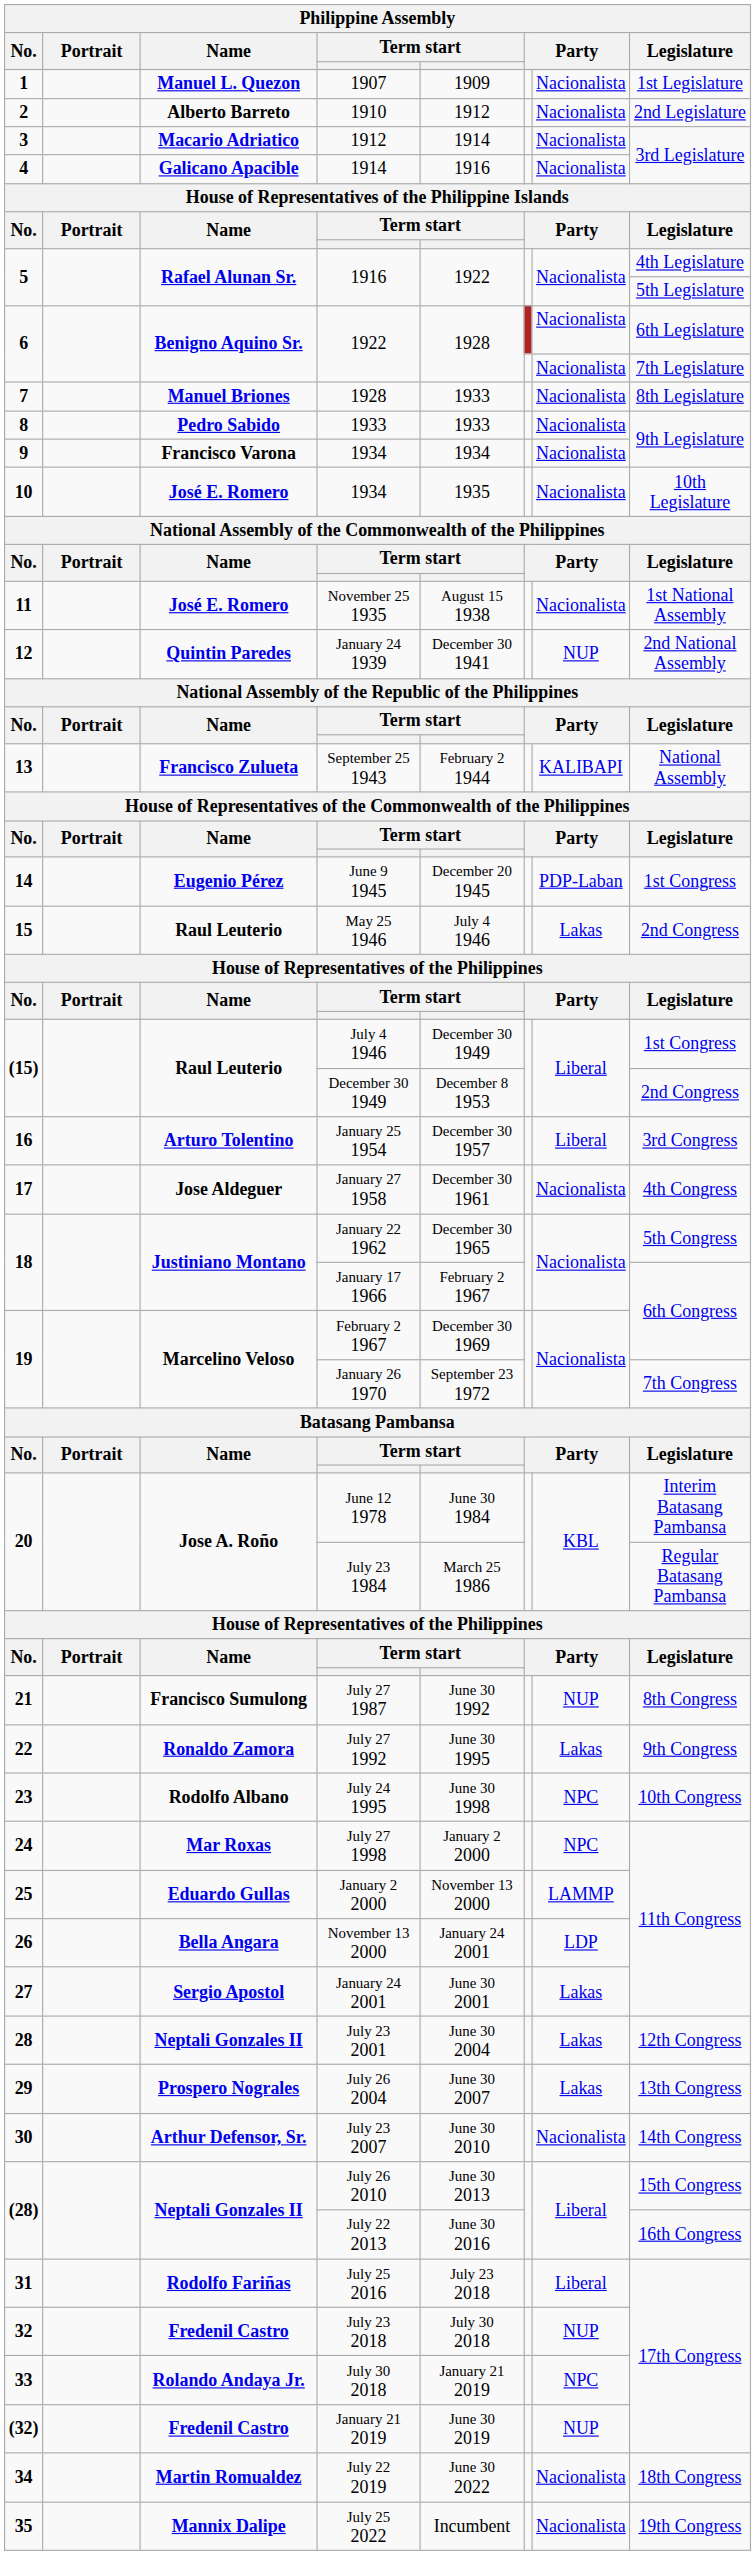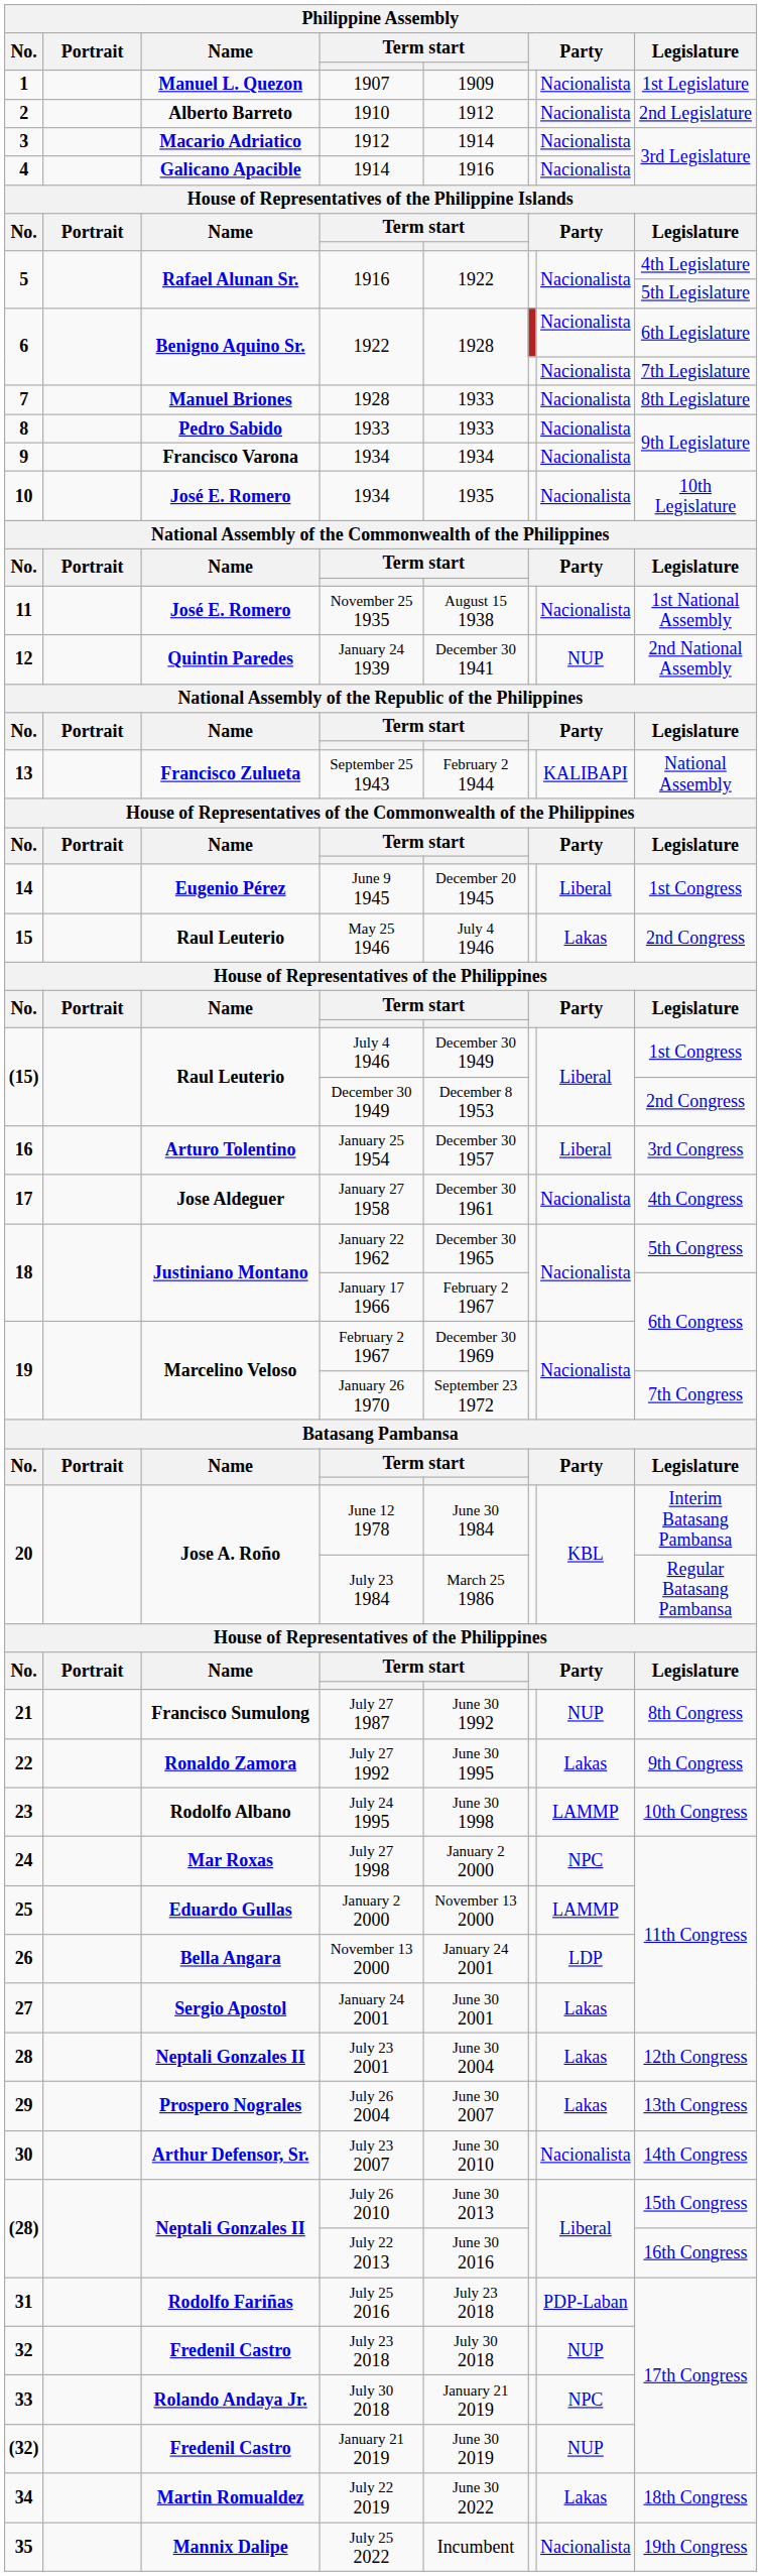 <table class="wikitable" style="text-align:center; border:1px #AAAAFF solid">
 <tr>
 <th colspan="8">Philippine Assembly<br></th>
 </tr>
 <tr>
 <th rowspan="2">No.</th>
 <th rowspan="2" align="center" width="80">Portrait</th>
 <th rowspan="2" align="center" width="150">Name<br></th>
 <th colspan="2" align="center" width="0">Term start</th>
 <th colspan="2" rowspan="2" align="center" width="0">Party</th>
 <th rowspan="2" width="100">Legislature</th>
 </tr>
 <tr>
 <th width="85"></th>
 <th width="85"></th>
 </tr>
 <tr>
 <td><strong>1</strong></td>
 <td></td>
 <td><strong><a href='#'>Manuel L. Quezon</a></strong><br></td>
 <td>1907</td>
 <td>1909</td>
 <td style="background:"></td>
 <td><a href='#'>Nacionalista</a></td>
 <td><a href='#'>1st Legislature</a></td>
 </tr>
 <tr>
 <td><strong>2</strong></td>
 <td></td>
 <td><strong>Alberto Barreto</strong><br></td>
 <td>1910</td>
 <td>1912</td>
 <td style="background:"></td>
 <td><a href='#'>Nacionalista</a></td>
 <td><a href='#'>2nd Legislature</a></td>
 </tr>
 <tr>
 <td><strong>3</strong></td>
 <td></td>
 <td><strong><a href='#'>Macario Adriatico</a></strong><br></td>
 <td>1912</td>
 <td>1914</td>
 <td style="background:"></td>
 <td><a href='#'>Nacionalista</a></td>
 <td rowspan="2"><a href='#'>3rd Legislature</a></td>
 </tr>
 <tr>
 <td><strong>4</strong></td>
 <td></td>
 <td><strong><a href='#'>Galicano Apacible</a></strong><br></td>
 <td>1914</td>
 <td>1916</td>
 <td style="background:"></td>
 <td><a href='#'>Nacionalista</a></td>
 </tr>
 <tr>
 <th colspan="8">House of Representatives of the Philippine Islands<br></th>
 </tr>
 <tr>
 <th rowspan="2">No.</th>
 <th rowspan="2">Portrait</th>
 <th rowspan="2">Name<br></th>
 <th colspan="2">Term start</th>
 <th colspan="2" rowspan="2">Party</th>
 <th rowspan="2">Legislature</th>
 </tr>
 <tr>
 <th></th>
 <th></th>
 </tr>
 <tr>
 <td rowspan="2"><strong>5</strong></td>
 <td rowspan="2"></td>
 <td rowspan="2"><strong><a href='#'>Rafael Alunan Sr.</a></strong><br></td>
 <td rowspan="2">1916</td>
 <td rowspan="2">1922</td>
 <td rowspan="2"></td>
 <td rowspan="2"><a href='#'>Nacionalista</a></td>
 <td><a href='#'>4th Legislature</a></td>
 </tr>
 <tr>
 <td><a href='#'>5th Legislature</a></td>
 </tr>
 <tr>
 <td rowspan="2"><strong>6</strong></td>
 <td rowspan="2"></td>
 <td rowspan="2"><strong><a href='#'>Benigno Aquino Sr.</a></strong><br></td>
 <td rowspan="2">1922</td>
 <td rowspan="2">1928</td>
 <td style="background-color:#B22222"></td>
 <td><a href='#'>Nacionalista</a><br><br></td>
 <td><a href='#'>6th Legislature</a></td>
 </tr>
 <tr>
 <td style="background:"></td>
 <td><a href='#'>Nacionalista</a><br></td>
 <td><a href='#'>7th Legislature</a></td>
 </tr>
 <tr>
 <td rowspan="2"><strong>7</strong></td>
 <td rowspan="2"></td>
 <td rowspan="2"><strong><a href='#'>Manuel Briones</a></strong><br></td>
 <td rowspan="2">1928</td>
 <td rowspan="2">1933</td>
 <td rowspan="2" style="background:"></td>
 <td rowspan="2"><a href='#'>Nacionalista</a></td>
 <td><a href='#'>8th Legislature</a></td>
 </tr>
 <tr>
 <td rowspan="3"><a href='#'>9th Legislature</a></td>
 </tr>
 <tr>
 <td><strong>8</strong></td>
 <td></td>
 <td><strong><a href='#'>Pedro Sabido</a></strong><br></td>
 <td>1933</td>
 <td>1933</td>
 <td style="background:"></td>
 <td><a href='#'>Nacionalista</a></td>
 </tr>
 <tr>
 <td><strong>9</strong></td>
 <td></td>
 <td><strong>Francisco Varona</strong><br></td>
 <td>1934</td>
 <td>1934</td>
 <td style="background:"></td>
 <td><a href='#'>Nacionalista</a></td>
 </tr>
 <tr>
 <td><strong>10</strong></td>
 <td></td>
 <td><strong><a href='#'>José E. Romero</a></strong><br></td>
 <td>1934</td>
 <td>1935</td>
 <td style="background:"></td>
 <td><a href='#'>Nacionalista</a><br></td>
 <td><a href='#'>10th Legislature</a></td>
 </tr>
 <tr>
 <th colspan="8">National Assembly of the Commonwealth of the Philippines<br></th>
 </tr>
 <tr>
 <th rowspan="2">No.</th>
 <th rowspan="2">Portrait</th>
 <th rowspan="2">Name<br></th>
 <th colspan="2">Term start</th>
 <th colspan="2" rowspan="2">Party</th>
 <th rowspan="2">Legislature</th>
 </tr>
 <tr>
 <th></th>
 <th></th>
 </tr>
 <tr>
 <td><strong>11</strong></td>
 <td></td>
 <td><strong><a href='#'>José E. Romero</a></strong><br></td>
 <td><small>November 25</small><br>1935</td>
 <td><small>August 15</small><br>1938</td>
 <td style="background:"></td>
 <td><a href='#'>Nacionalista</a><br></td>
 <td><a href='#'>1st National Assembly</a></td>
 </tr>
 <tr>
 <td><strong>12</strong></td>
 <td></td>
 <td><strong><a href='#'>Quintin Paredes</a></strong><br></td>
 <td><small>January 24</small><br>1939</td>
 <td><small>December 30</small><br>1941</td>
 <td style="background:"></td>
 <td><a href='#'>NUP</a></td>
 <td><a href='#'>2nd National Assembly</a></td>
 </tr>
 <tr>
 <th colspan="8">National Assembly of the Republic of the Philippines<br></th>
 </tr>
 <tr>
 <th rowspan="2">No.</th>
 <th rowspan="2">Portrait</th>
 <th rowspan="2">Name<br></th>
 <th colspan="2">Term start</th>
 <th colspan="2" rowspan="2">Party</th>
 <th rowspan="2">Legislature</th>
 </tr>
 <tr>
 <th></th>
 <th></th>
 </tr>
 <tr>
 <td><strong>13</strong></td>
 <td></td>
 <td><strong><a href='#'>Francisco Zulueta</a></strong><br></td>
 <td><small>September 25</small><br>1943</td>
 <td><small>February 2</small><br>1944</td>
 <td></td>
 <td><a href='#'>KALIBAPI</a></td>
 <td><a href='#'>National Assembly</a></td>
 </tr>
 <tr>
 <th colspan="8">House of Representatives of the Commonwealth of the Philippines<br></th>
 </tr>
 <tr>
 <th rowspan="2">No.</th>
 <th rowspan="2">Portrait</th>
 <th rowspan="2">Name<br></th>
 <th colspan="2">Term start</th>
 <th colspan="2" rowspan="2">Party</th>
 <th rowspan="2">Legislature</th>
 </tr>
 <tr>
 <th></th>
 <th></th>
 </tr>
 <tr>
 <td><strong>14</strong></td>
 <td></td>
 <td><strong><a href='#'>Eugenio Pérez</a></strong><br></td>
 <td><small>June 9</small><br>1945</td>
 <td><small>December 20</small><br>1945</td>
 <td style="background:"></td>
-<td><a href='#'>PDP-Laban</a></td>
+<td><a href='#'>Liberal</a></td>
 <td><a href='#'>1st Congress</a></td>
 </tr>
 <tr>
 <td><strong>15</strong></td>
 <td></td>
 <td><strong>Raul Leuterio</strong><br></td>
 <td><small>May 25</small><br>1946</td>
 <td><small>July 4</small><br>1946</td>
 <td></td>
 <td><a href='#'>Lakas</a></td>
 <td><a href='#'>2nd Congress</a></td>
 </tr>
 <tr>
 <th colspan="8">House of Representatives of the Philippines<br></th>
 </tr>
 <tr>
 <th rowspan="2">No.</th>
 <th rowspan="2">Portrait</th>
 <th rowspan="2">Name<br></th>
 <th colspan="2">Term start</th>
 <th colspan="2" rowspan="2">Party</th>
 <th rowspan="2">Legislature</th>
 </tr>
 <tr>
 <th></th>
 <th></th>
 </tr>
 <tr>
 <td rowspan="2"><strong>(15)</strong></td>
 <td rowspan="2"></td>
 <td rowspan="2"><strong>Raul Leuterio</strong><br></td>
 <td><small>July 4</small><br>1946</td>
 <td><small>December 30</small><br>1949</td>
 <td rowspan="2"></td>
 <td rowspan="2"><a href='#'>Liberal</a></td>
 <td><a href='#'>1st Congress</a></td>
 </tr>
 <tr>
 <td><small>December 30</small><br>1949</td>
 <td><small>December 8</small><br>1953</td>
 <td><a href='#'>2nd Congress</a></td>
 </tr>
 <tr>
 <td><strong>16</strong></td>
 <td></td>
 <td><strong><a href='#'>Arturo Tolentino</a></strong><br></td>
 <td><small>January 25</small><br>1954</td>
 <td><small>December 30</small><br>1957</td>
 <td></td>
 <td><a href='#'>Liberal</a></td>
 <td><a href='#'>3rd Congress</a></td>
 </tr>
 <tr>
 <td><strong>17</strong></td>
 <td></td>
 <td><strong>Jose Aldeguer</strong><br></td>
 <td><small>January 27</small><br>1958</td>
 <td><small>December 30</small><br>1961</td>
 <td></td>
 <td><a href='#'>Nacionalista</a></td>
 <td><a href='#'>4th Congress</a></td>
 </tr>
 <tr>
 <td rowspan="2"><strong>18</strong></td>
 <td rowspan="2"></td>
 <td rowspan="2"><strong><a href='#'>Justiniano Montano</a></strong><br></td>
 <td><small>January 22</small><br>1962</td>
 <td><small>December 30</small><br>1965</td>
 <td rowspan="2"></td>
 <td rowspan="2"><a href='#'>Nacionalista</a></td>
 <td><a href='#'>5th Congress</a></td>
 </tr>
 <tr>
 <td><small>January 17</small><br>1966</td>
 <td><small>February 2</small><br>1967</td>
 <td rowspan="2"><a href='#'>6th Congress</a></td>
 </tr>
 <tr>
 <td rowspan="2"><strong>19</strong></td>
 <td rowspan="2"></td>
 <td rowspan="2"><strong>Marcelino Veloso</strong><br></td>
 <td><small>February 2</small><br>1967</td>
 <td><small>December 30</small><br>1969</td>
 <td rowspan="2"></td>
 <td rowspan="2"><a href='#'>Nacionalista</a></td>
 </tr>
 <tr>
 <td><small>January 26</small><br>1970</td>
 <td><small>September 23</small><br>1972</td>
 <td><a href='#'>7th Congress</a></td>
 </tr>
 <tr>
 <th colspan="8">Batasang Pambansa<br></th>
 </tr>
 <tr>
 <th rowspan="2">No.</th>
 <th rowspan="2">Portrait</th>
 <th rowspan="2">Name<br></th>
 <th colspan="2">Term start</th>
 <th colspan="2" rowspan="2">Party</th>
 <th rowspan="2">Legislature</th>
 </tr>
 <tr>
 <th></th>
 <th></th>
 </tr>
 <tr>
 <td rowspan="2"><strong>20</strong></td>
 <td rowspan="2"></td>
 <td rowspan="2"><strong>Jose A. Roño</strong><br></td>
 <td><small>June 12</small><br>1978</td>
 <td><small>June 30</small><br>1984</td>
 <td rowspan="2"></td>
 <td rowspan="2"><a href='#'>KBL</a></td>
 <td><a href='#'>Interim Batasang Pambansa</a></td>
 </tr>
 <tr>
 <td><small>July 23</small><br>1984</td>
 <td><small>March 25</small><br>1986</td>
 <td><a href='#'>Regular Batasang Pambansa</a></td>
 </tr>
 <tr>
 <th colspan="8">House of Representatives of the Philippines<br></th>
 </tr>
 <tr>
 <th rowspan="2">No.</th>
 <th rowspan="2">Portrait</th>
 <th rowspan="2">Name<br></th>
 <th colspan="2">Term start</th>
 <th colspan="2" rowspan="2">Party</th>
 <th rowspan="2">Legislature</th>
 </tr>
 <tr>
 <th></th>
 <th></th>
 </tr>
 <tr>
 <td><strong>21</strong></td>
 <td></td>
 <td><strong>Francisco Sumulong</strong><br></td>
 <td><small>July 27</small><br>1987</td>
 <td><small>June 30</small><br>1992</td>
 <td></td>
 <td><a href='#'>NUP</a></td>
 <td><a href='#'>8th Congress</a></td>
 </tr>
 <tr>
 <td><strong>22</strong></td>
 <td></td>
 <td><strong><a href='#'>Ronaldo Zamora</a></strong><br></td>
 <td><small>July 27</small><br>1992</td>
 <td><small>June 30</small><br>1995</td>
 <td></td>
 <td><a href='#'>Lakas</a></td>
 <td><a href='#'>9th Congress</a></td>
 </tr>
 <tr>
 <td><strong>23</strong></td>
 <td></td>
 <td><strong>Rodolfo Albano</strong><br></td>
 <td><small>July 24</small><br>1995</td>
 <td><small>June 30</small><br>1998</td>
 <td></td>
-<td><a href='#'>NPC</a></td>
+<td><a href='#'>LAMMP</a></td>
 <td><a href='#'>10th Congress</a></td>
 </tr>
 <tr>
 <td><strong>24</strong></td>
 <td></td>
 <td><strong><a href='#'>Mar Roxas</a></strong><br></td>
 <td><small>July 27</small><br>1998</td>
 <td><small>January 2</small><br>2000</td>
 <td></td>
 <td><a href='#'>NPC</a></td>
 <td rowspan="4"><a href='#'>11th Congress</a></td>
 </tr>
 <tr>
 <td><strong>25</strong></td>
 <td></td>
 <td><strong><a href='#'>Eduardo Gullas</a></strong><br></td>
 <td><small>January 2</small><br>2000</td>
 <td><small>November 13</small><br>2000</td>
 <td></td>
 <td><a href='#'>LAMMP</a></td>
 </tr>
 <tr>
 <td><strong>26</strong></td>
 <td></td>
 <td><strong><a href='#'>Bella Angara</a></strong><br></td>
 <td><small>November 13</small><br>2000</td>
 <td><small>January 24</small><br>2001</td>
 <td></td>
 <td><a href='#'>LDP</a></td>
 </tr>
 <tr>
 <td><strong>27</strong></td>
 <td></td>
 <td><strong><a href='#'>Sergio Apostol</a></strong><br></td>
 <td><small>January 24</small><br>2001</td>
 <td><small>June 30</small><br>2001</td>
 <td></td>
 <td><a href='#'>Lakas</a></td>
 </tr>
 <tr>
 <td><strong>28</strong></td>
 <td></td>
 <td><strong><a href='#'>Neptali Gonzales II</a></strong><br></td>
 <td><small>July 23</small><br>2001</td>
 <td><small>June 30</small><br>2004</td>
 <td></td>
 <td><a href='#'>Lakas</a></td>
 <td><a href='#'>12th Congress</a></td>
 </tr>
 <tr>
 <td><strong>29</strong></td>
 <td></td>
 <td><strong><a href='#'>Prospero Nograles</a></strong><br></td>
 <td><small>July 26</small><br>2004</td>
 <td><small>June 30</small><br>2007</td>
 <td></td>
 <td><a href='#'>Lakas</a></td>
 <td><a href='#'>13th Congress</a></td>
 </tr>
 <tr>
 <td><strong>30</strong></td>
 <td></td>
 <td><strong><a href='#'>Arthur Defensor, Sr.</a></strong><br></td>
 <td><small>July 23</small><br>2007</td>
 <td><small>June 30</small><br>2010</td>
 <td></td>
 <td><a href='#'>Nacionalista</a></td>
 <td><a href='#'>14th Congress</a></td>
 </tr>
 <tr>
 <td rowspan="2"><strong>(28)</strong></td>
 <td rowspan="2"></td>
 <td rowspan="2"><strong><a href='#'>Neptali Gonzales II</a></strong><br></td>
 <td><small>July 26</small><br>2010</td>
 <td><small>June 30</small><br>2013</td>
 <td rowspan="2"></td>
 <td rowspan="2"><a href='#'>Liberal</a></td>
 <td><a href='#'>15th Congress</a></td>
 </tr>
 <tr>
 <td><small>July 22</small><br>2013</td>
 <td><small>June 30</small><br>2016</td>
 <td><a href='#'>16th Congress</a></td>
 </tr>
 <tr>
 <td><strong>31</strong></td>
 <td></td>
 <td><strong><a href='#'>Rodolfo Fariñas</a></strong><br></td>
 <td><small>July 25</small><br>2016</td>
 <td><small>July 23</small><br>2018</td>
 <td></td>
-<td><a href='#'>Liberal</a></td>
+<td><a href='#'>PDP-Laban</a></td>
 <td rowspan="4"><a href='#'>17th Congress</a></td>
 </tr>
 <tr>
 <td><strong>32</strong></td>
 <td></td>
 <td><strong><a href='#'>Fredenil Castro</a></strong><br></td>
 <td><small>July 23</small><br>2018</td>
 <td><small>July 30</small><br>2018</td>
 <td></td>
 <td><a href='#'>NUP</a></td>
 </tr>
 <tr>
 <td><strong>33</strong></td>
 <td></td>
 <td><strong><a href='#'>Rolando Andaya Jr.</a></strong><br></td>
 <td><small>July 30</small><br>2018</td>
 <td><small>January 21</small><br>2019</td>
 <td></td>
 <td><a href='#'>NPC</a></td>
 </tr>
 <tr>
 <td><strong>(32)</strong></td>
 <td></td>
 <td><strong><a href='#'>Fredenil Castro</a></strong><br></td>
 <td><small>January 21</small><br>2019</td>
 <td><small>June 30</small><br>2019</td>
 <td></td>
 <td><a href='#'>NUP</a></td>
 </tr>
 <tr>
 <td><strong>34</strong></td>
 <td></td>
 <td><strong><a href='#'>Martin Romualdez</a></strong><br></td>
 <td><small>July 22</small><br>2019</td>
 <td><small>June 30</small><br>2022</td>
 <td></td>
-<td><a href='#'>Nacionalista</a><br></td>
+<td><a href='#'>Lakas</a></td>
 <td><a href='#'>18th Congress</a></td>
 </tr>
 <tr>
 <td><strong>35</strong></td>
 <td></td>
 <td><strong><a href='#'>Mannix Dalipe</a></strong><br></td>
 <td><small>July 25</small><br>2022</td>
 <td>Incumbent</td>
 <td></td>
 <td><a href='#'>Nacionalista</a></td>
 <td><a href='#'>19th Congress</a></td>
 </tr>
 </table>
